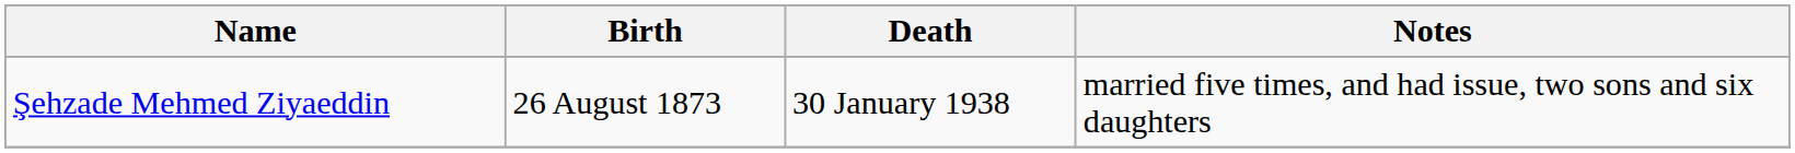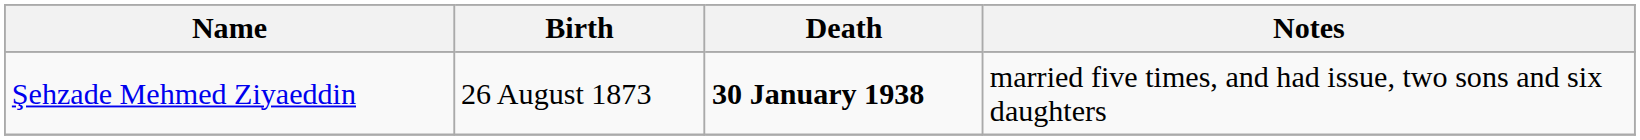 <table class="wikitable">
 <tr>
 <th>Name</th>
 <th>Birth</th>
 <th>Death</th>
 <th style="width:40%;">Notes</th>
 </tr>
 <tr>
 <td><a href='#'>Şehzade Mehmed Ziyaeddin</a> </td>
 <td>26 August 1873</td>
-<td>30 January 1938</td>
+<td><strong>30 January 1938</strong></td>
 <td>married five times, and had issue, two sons and six daughters</td>
 </tr>
 <tr>
 </tr>
 </table>
